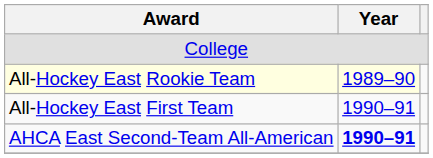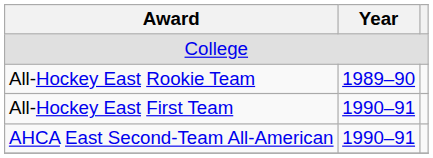 <table class="wikitable">
 <tr>
 <th>Award</th>
 <th>Year</th>
 <th></th>
 </tr>
 <tr ALIGN="center" bgcolor="#e0e0e0">
 <td colspan="3"><a href='#'>College</a></td>
 </tr>
 <tr>
-<td style="background: lightyellow;">All-<a href='#'>Hockey East</a> <a href='#'>Rookie Team</a></td>
-<td style="background: lightyellow;"><a href='#'>1989–90</a></td>
+<td>All-<a href='#'>Hockey East</a> <a href='#'>Rookie Team</a></td>
+<td><a href='#'>1989–90</a></td>
 <td></td>
 </tr>
 <tr>
 <td>All-<a href='#'>Hockey East</a> <a href='#'>First Team</a></td>
 <td><a href='#'>1990–91</a></td>
 <td></td>
 </tr>
 <tr>
 <td><a href='#'>AHCA</a> <a href='#'>East Second-Team All-American</a></td>
-<td><strong><a href='#'>1990–91</a></strong></td>
+<td><a href='#'>1990–91</a></td>
 <td></td>
 </tr>
 <tr>
 </tr>
 </table>
